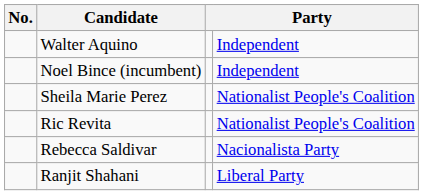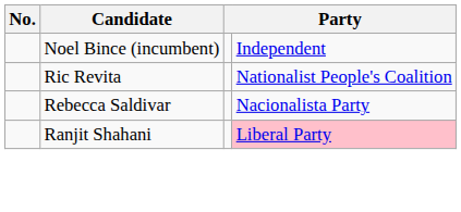 <table class="wikitable sortable" style="text-align:left;">
 <tr>
 <th>No.</th>
 <th>Candidate</th>
 <th colspan="2">Party</th>
 </tr>
 <tr>
 <td></td>
-<td>Walter Aquino</td>
-<td></td>
-<td><a href='#'>Independent</a></td>
-</tr>
-<tr>
-<td></td>
 <td>Noel Bince (incumbent)</td>
 <td></td>
 <td><a href='#'>Independent</a></td>
-</tr>
-<tr>
-<td></td>
-<td>Sheila Marie Perez</td>
-<td></td>
-<td><a href='#'>Nationalist People's Coalition</a></td>
 </tr>
 <tr>
 <td></td>
 <td>Ric Revita</td>
 <td></td>
 <td><a href='#'>Nationalist People's Coalition</a></td>
 </tr>
 <tr>
 <td></td>
 <td>Rebecca Saldivar</td>
 <td></td>
 <td><a href='#'>Nacionalista Party</a></td>
 </tr>
 <tr>
 <td></td>
 <td>Ranjit Shahani</td>
 <td></td>
-<td><a href='#'>Liberal Party</a></td>
+<td style="background: pink;"><a href='#'>Liberal Party</a></td>
 </tr>
 </table>
